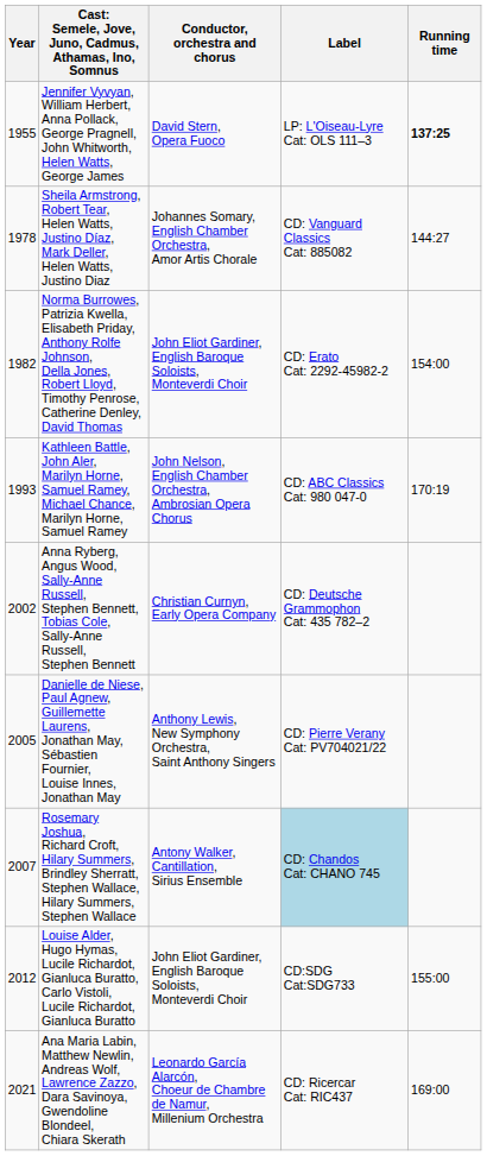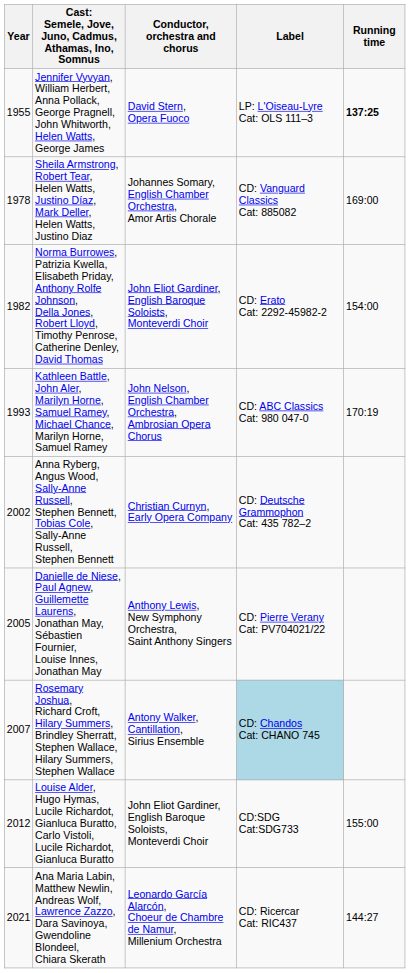 <table class="wikitable">
 <tr>
 <th>Year</th>
 <th>Cast:<br>Semele, Jove,<br>Juno, Cadmus,<br>Athamas, Ino, Somnus</th>
 <th>Conductor,<br>orchestra and chorus</th>
 <th>Label</th>
 <th>Running time</th>
 </tr>
 <tr>
 <td>1955</td>
 <td><a href='#'>Jennifer Vyvyan</a>,<br>William Herbert,<br>Anna Pollack,<br>George Pragnell,<br>John Whitworth,<br><a href='#'>Helen Watts</a>,<br>George James</td>
 <td><a href='#'>David Stern</a>,<br><a href='#'>Opera Fuoco</a></td>
 <td>LP: <a href='#'>L'Oiseau-Lyre</a><br>Cat: OLS 111–3</td>
 <td><strong>137:25</strong></td>
 </tr>
 <tr>
 <td>1978</td>
 <td><a href='#'>Sheila Armstrong</a>,<br><a href='#'>Robert Tear</a>,<br>Helen Watts,<br><a href='#'>Justino Díaz</a>,<br><a href='#'>Mark Deller</a>,<br>Helen Watts,<br>Justino Diaz</td>
 <td>Johannes Somary,<br><a href='#'>English Chamber Orchestra</a>,<br>Amor Artis Chorale</td>
 <td>CD: <a href='#'>Vanguard Classics</a><br>Cat: 885082</td>
-<td>144:27</td>
+<td>169:00</td>
 </tr>
 <tr>
 <td>1982</td>
 <td><a href='#'>Norma Burrowes</a>,<br>Patrizia Kwella,<br>Elisabeth Priday,<br><a href='#'>Anthony Rolfe Johnson</a>,<br><a href='#'>Della Jones</a>,<br><a href='#'>Robert Lloyd</a>,<br>Timothy Penrose,<br>Catherine Denley,<br><a href='#'>David Thomas</a></td>
 <td><a href='#'>John Eliot Gardiner</a>,<br><a href='#'>English Baroque Soloists</a>,<br><a href='#'>Monteverdi Choir</a></td>
 <td>CD: <a href='#'>Erato</a><br>Cat: 2292-45982-2</td>
 <td>154:00</td>
 </tr>
 <tr>
 <td>1993</td>
 <td><a href='#'>Kathleen Battle</a>,<br><a href='#'>John Aler</a>,<br><a href='#'>Marilyn Horne</a>,<br><a href='#'>Samuel Ramey</a>,<br><a href='#'>Michael Chance</a>,<br>Marilyn Horne,<br>Samuel Ramey</td>
 <td><a href='#'>John Nelson</a>,<br><a href='#'>English Chamber Orchestra</a>,<br><a href='#'>Ambrosian Opera Chorus</a></td>
 <td>CD: <a href='#'>ABC Classics</a><br>Cat: 980 047-0</td>
 <td>170:19</td>
 </tr>
 <tr>
 <td>2002</td>
 <td>Anna Ryberg,<br>Angus Wood,<br><a href='#'>Sally-Anne Russell</a>,<br>Stephen Bennett,<br><a href='#'>Tobias Cole</a>,<br>Sally-Anne Russell,<br>Stephen Bennett</td>
 <td><a href='#'>Christian Curnyn</a>,<br><a href='#'>Early Opera Company</a></td>
 <td>CD: <a href='#'>Deutsche Grammophon</a><br>Cat: 435 782–2</td>
 <td></td>
 </tr>
 <tr>
 <td>2005</td>
 <td><a href='#'>Danielle de Niese</a>,<br><a href='#'>Paul Agnew</a>,<br><a href='#'>Guillemette Laurens</a>,<br>Jonathan May,<br>Sébastien Fournier,<br>Louise Innes,<br>Jonathan May</td>
 <td><a href='#'>Anthony Lewis</a>,<br>New Symphony Orchestra,<br>Saint Anthony Singers</td>
 <td>CD: <a href='#'>Pierre Verany</a><br>Cat: PV704021/22</td>
 <td></td>
 </tr>
 <tr>
 <td>2007</td>
 <td><a href='#'>Rosemary Joshua</a>,<br>Richard Croft,<br><a href='#'>Hilary Summers</a>,<br>Brindley Sherratt,<br>Stephen Wallace,<br>Hilary Summers,<br>Stephen Wallace</td>
 <td><a href='#'>Antony Walker</a>,<br><a href='#'>Cantillation</a>,<br>Sirius Ensemble</td>
 <td style="background: lightblue;">CD: <a href='#'>Chandos</a><br>Cat: CHANO 745</td>
 <td></td>
 </tr>
 <tr>
 <td>2012</td>
 <td><a href='#'>Louise Alder</a>,<br>Hugo Hymas,<br>Lucile Richardot,<br>Gianluca Buratto,<br>Carlo Vistoli,<br>Lucile Richardot,<br>Gianluca Buratto</td>
 <td>John Eliot Gardiner,<br>English Baroque Soloists,<br>Monteverdi Choir</td>
 <td>CD:SDG<br>Cat:SDG733</td>
 <td>155:00</td>
 </tr>
 <tr>
 <td>2021</td>
 <td>Ana Maria Labin,<br>Matthew Newlin,<br>Andreas Wolf,<br><a href='#'>Lawrence Zazzo</a>,<br>Dara Savinoya,<br>Gwendoline Blondeel,<br>Chiara Skerath</td>
 <td><a href='#'>Leonardo García Alarcón</a>,<br><a href='#'>Choeur de Chambre de Namur</a>,<br>Millenium Orchestra</td>
 <td>CD: Ricercar<br>Cat: RIC437</td>
-<td>169:00</td>
+<td>144:27</td>
 </tr>
 </table>
